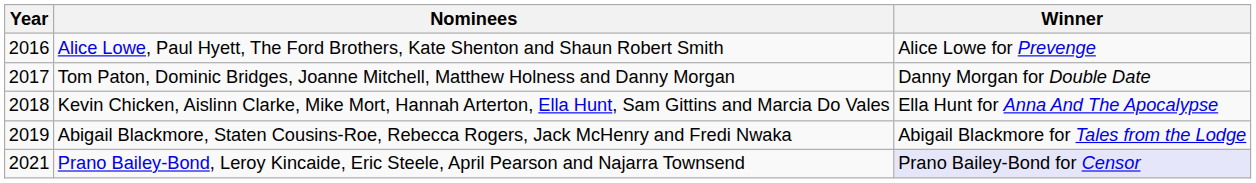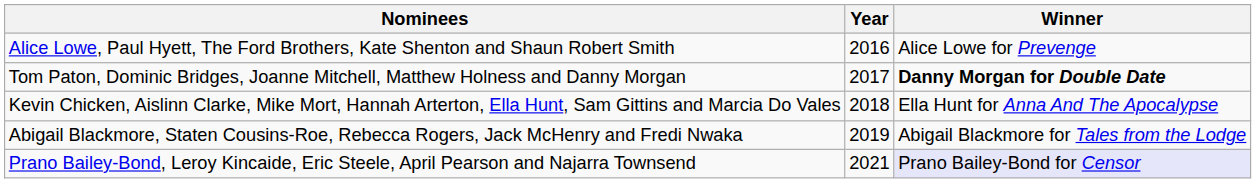 <table class="wikitable sortable">
 <tr>
+<th>Nominees</th>
 <th>Year</th>
-<th>Nominees</th>
 <th>Winner</th>
 </tr>
 <tr>
+<td><a href='#'>Alice Lowe</a>, Paul Hyett, The Ford Brothers, Kate Shenton and Shaun Robert Smith</td>
 <td>2016</td>
-<td><a href='#'>Alice Lowe</a>, Paul Hyett, The Ford Brothers, Kate Shenton and Shaun Robert Smith</td>
 <td>Alice Lowe for <em><a href='#'>Prevenge</a></em></td>
 </tr>
 <tr>
+<td>Tom Paton, Dominic Bridges, Joanne Mitchell, Matthew Holness and Danny Morgan</td>
 <td>2017</td>
-<td>Tom Paton, Dominic Bridges, Joanne Mitchell, Matthew Holness and Danny Morgan</td>
-<td>Danny Morgan for <em>Double Date</em></td>
+<td><strong>Danny Morgan for <em>Double Date</em></strong></td>
 </tr>
 <tr>
+<td>Kevin Chicken, Aislinn Clarke, Mike Mort, Hannah Arterton, <a href='#'>Ella Hunt</a>, Sam Gittins and Marcia Do Vales</td>
 <td>2018</td>
-<td>Kevin Chicken, Aislinn Clarke, Mike Mort, Hannah Arterton, <a href='#'>Ella Hunt</a>, Sam Gittins and Marcia Do Vales</td>
 <td>Ella Hunt for <em><a href='#'>Anna And The Apocalypse</a></em></td>
 </tr>
 <tr>
+<td>Abigail Blackmore, Staten Cousins-Roe, Rebecca Rogers, Jack McHenry and Fredi Nwaka</td>
 <td>2019</td>
-<td>Abigail Blackmore, Staten Cousins-Roe, Rebecca Rogers, Jack McHenry and Fredi Nwaka</td>
 <td>Abigail Blackmore for <em><a href='#'>Tales from the Lodge</a></em></td>
 </tr>
 <tr>
+<td><a href='#'>Prano Bailey-Bond</a>, Leroy Kincaide, Eric Steele, April Pearson and Najarra Townsend</td>
 <td>2021</td>
-<td><a href='#'>Prano Bailey-Bond</a>, Leroy Kincaide, Eric Steele, April Pearson and Najarra Townsend</td>
 <td style="background: lavender;">Prano Bailey-Bond for <em><a href='#'>Censor</a></em></td>
 </tr>
 </table>
